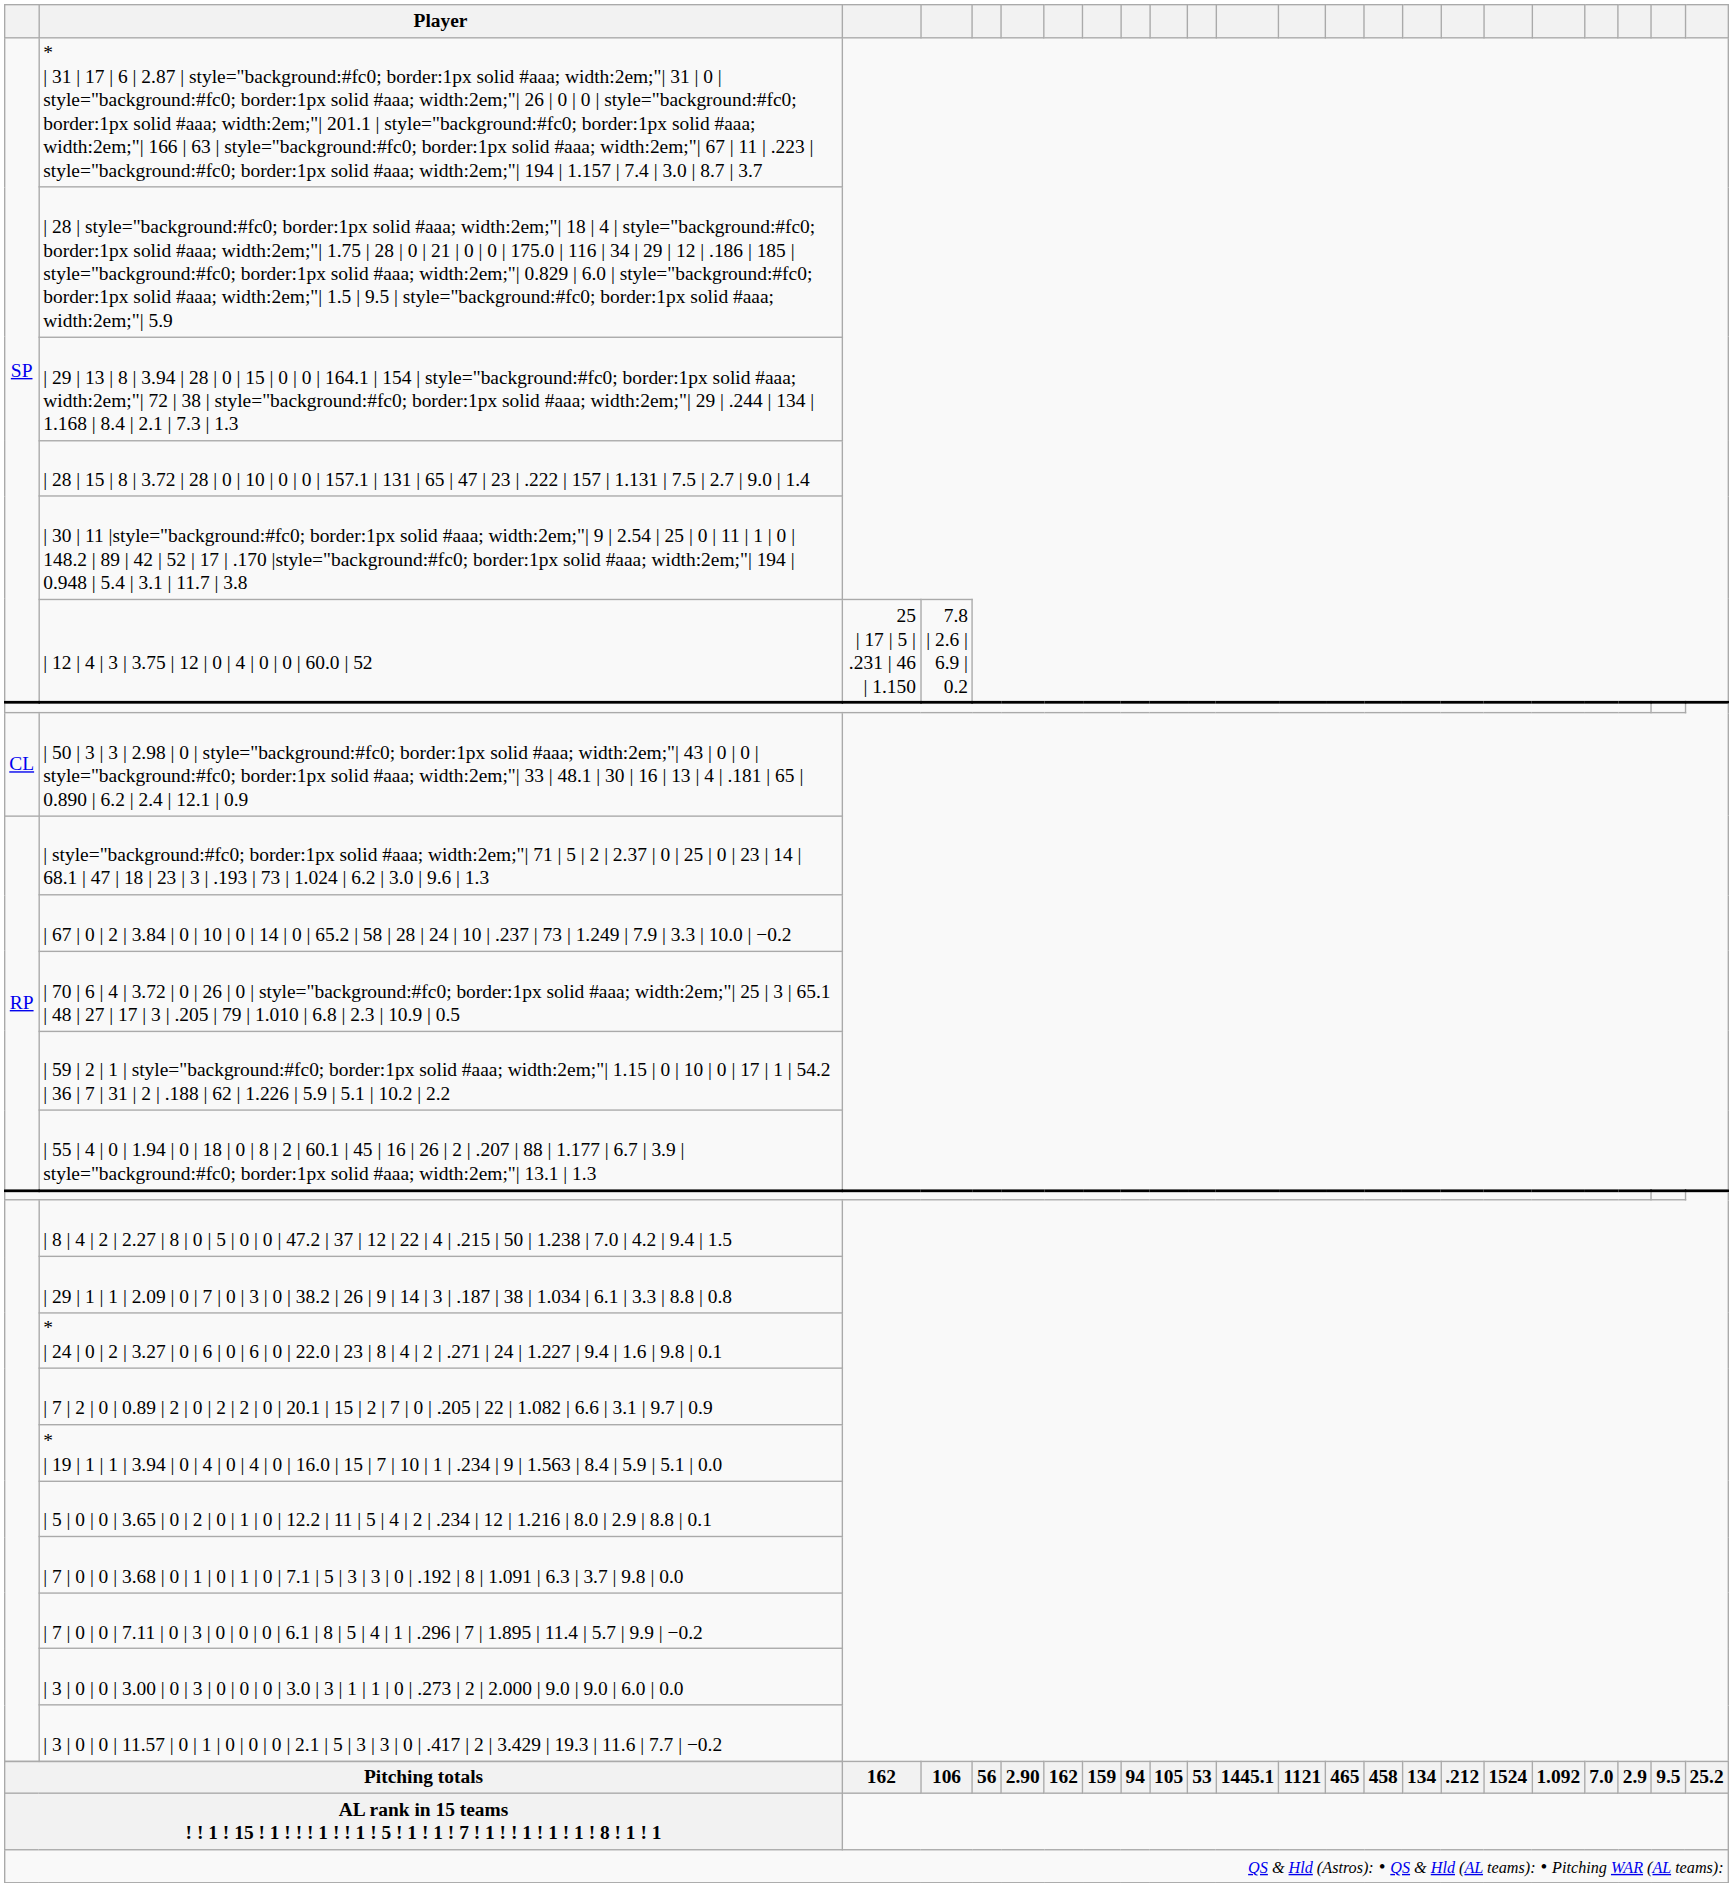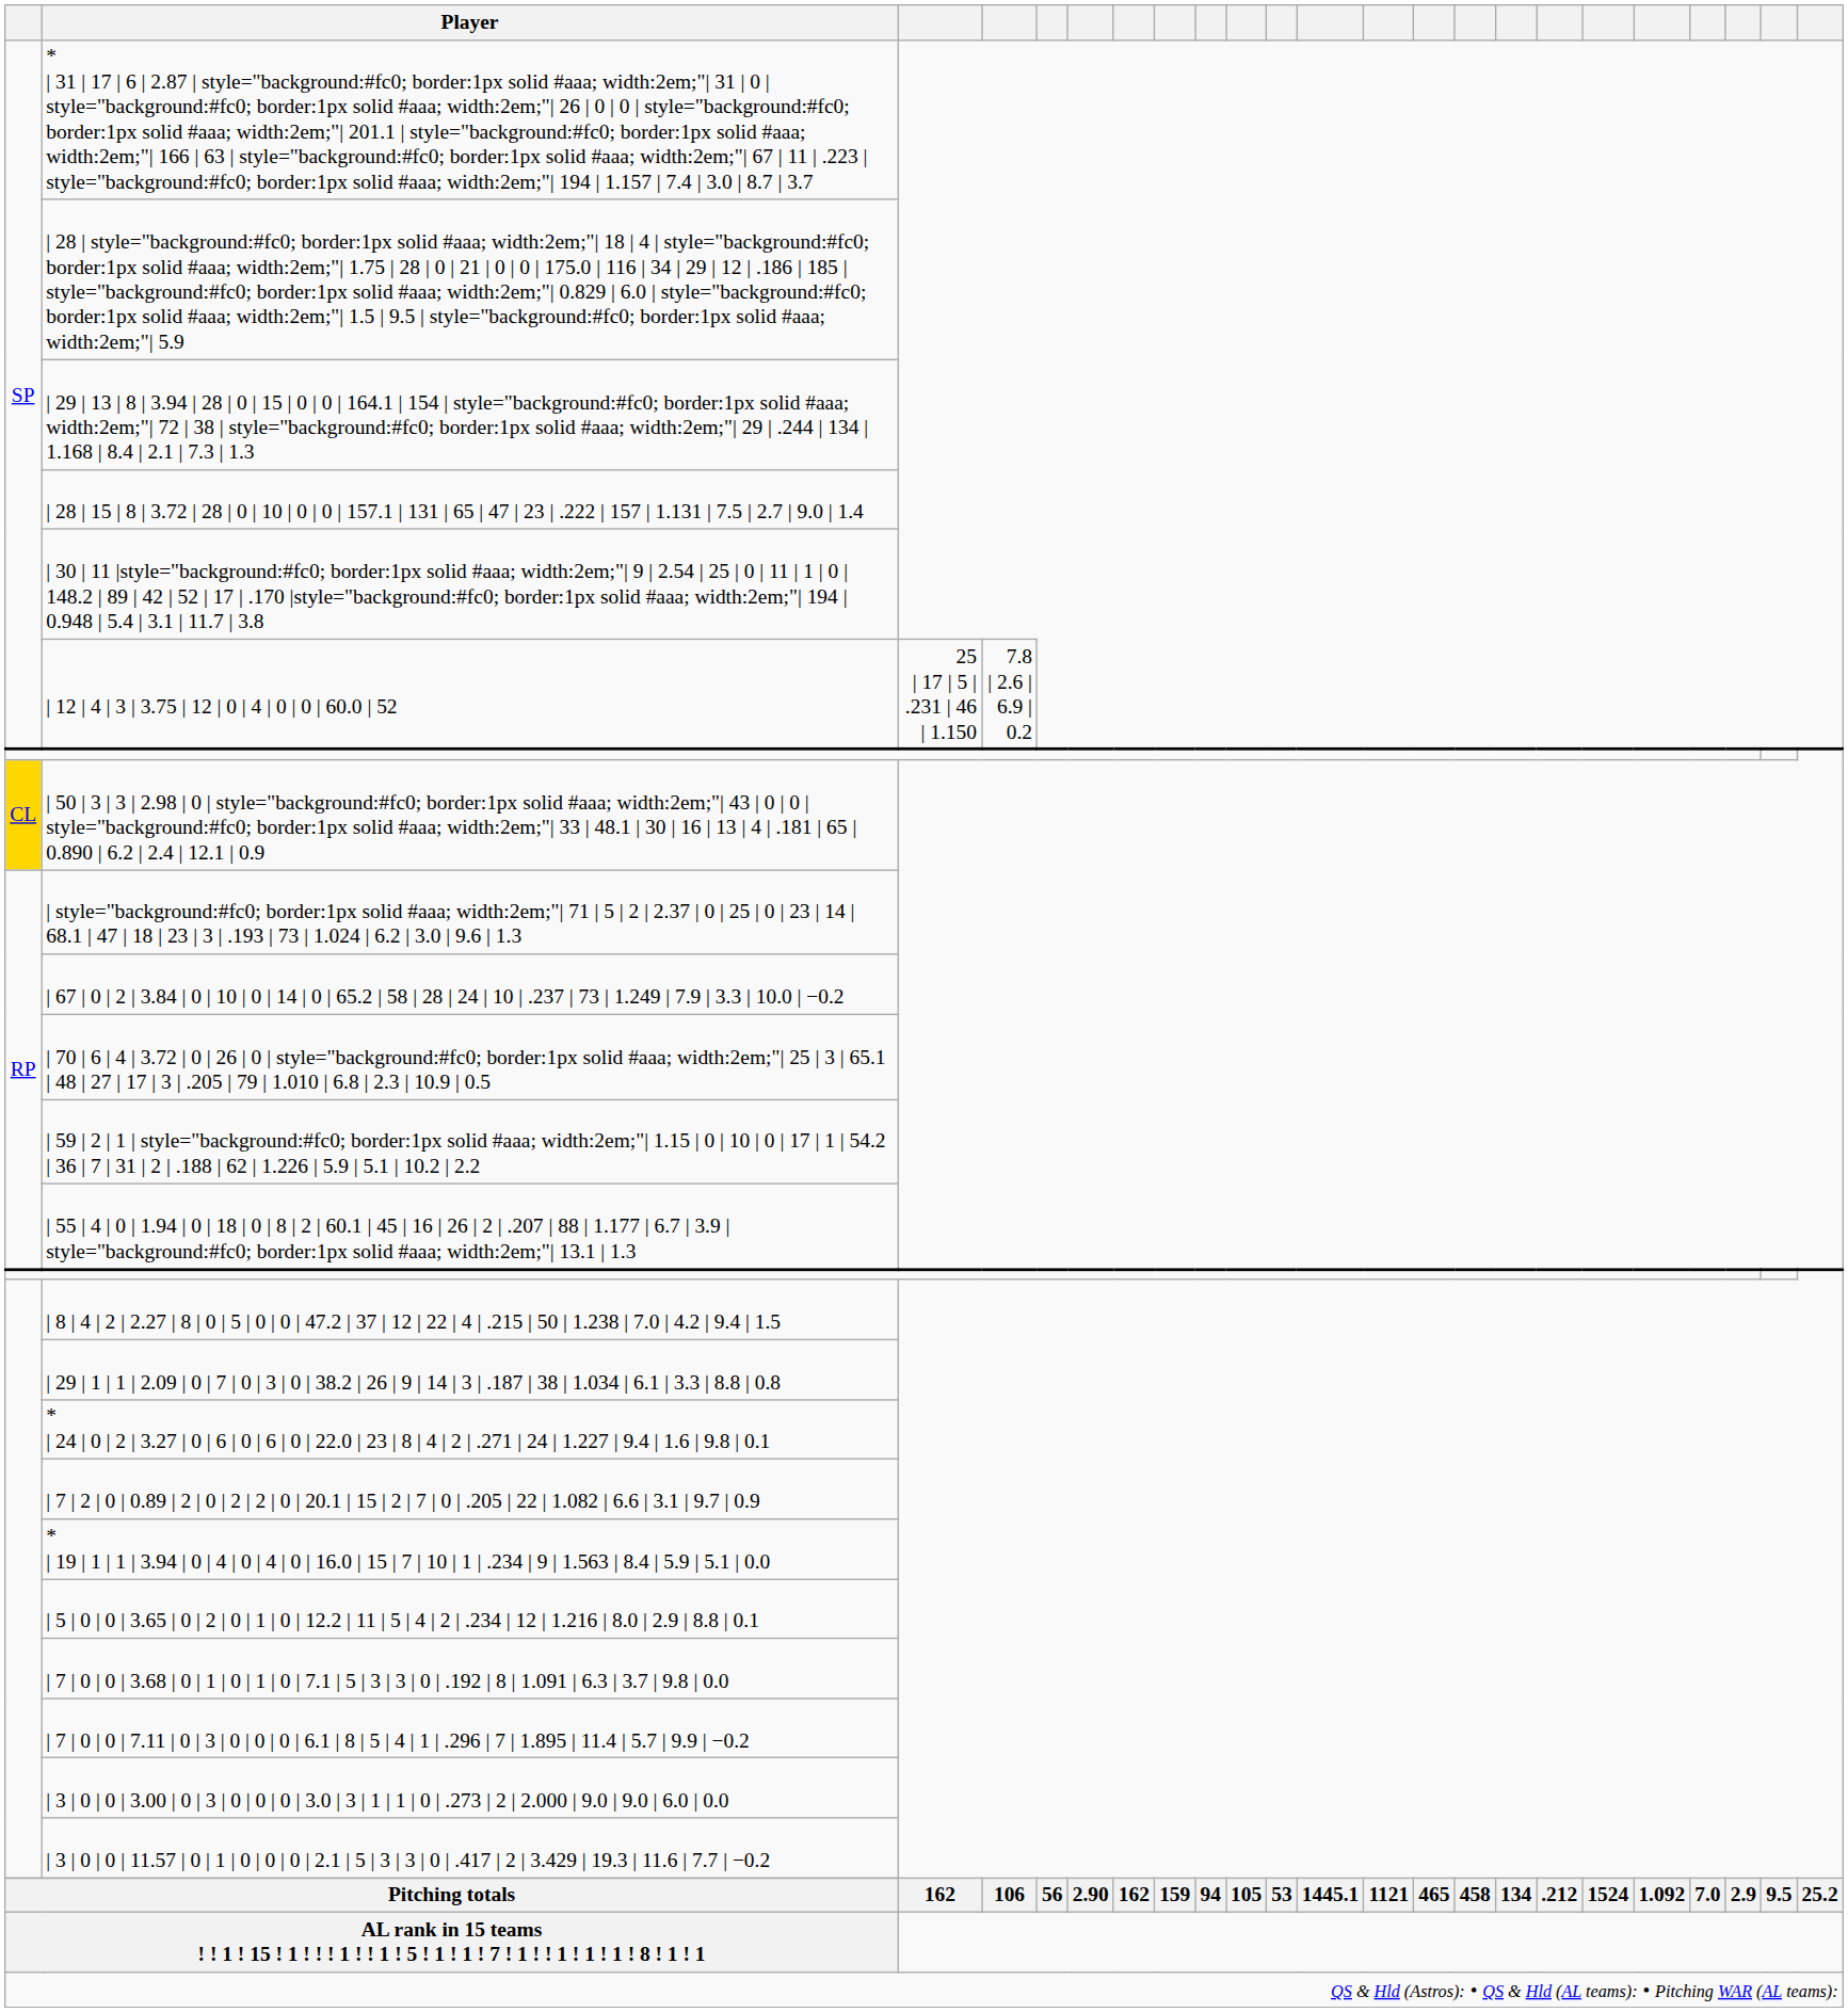 <table class="wikitable sortable" style="text-align:right; font-size:88%;">
 <tr>
 <th></th>
 <th>Player</th>
 <th></th>
 <th></th>
 <th></th>
 <th></th>
 <th></th>
 <th></th>
 <th></th>
 <th></th>
 <th></th>
 <th></th>
 <th></th>
 <th></th>
 <th></th>
 <th></th>
 <th></th>
 <th></th>
 <th></th>
 <th></th>
 <th></th>
 <th></th>
 <th><br></th>
 </tr>
 <tr>
 <td rowspan="6" align=center><a href='#'>SP</a></td>
 <td align=left> *<br>                      | 31                            | 17                            | 6                 | 2.87                       | style="background:#fc0; border:1px solid #aaa; width:2em;"| 31                      | 0                       | style="background:#fc0; border:1px solid #aaa; width:2em;"| 26                               | 0                               | 0                      | style="background:#fc0; border:1px solid #aaa; width:2em;"| 201.1                         | style="background:#fc0; border:1px solid #aaa; width:2em;"| 166                  | 63               | style="background:#fc0; border:1px solid #aaa; width:2em;"| 67                    | 11          | .223                           | style="background:#fc0; border:1px solid #aaa; width:2em;"| 194   | 1.157               | 7.4    | 3.0          | 8.7              | 3.7</td>
 </tr>
 <tr>
 <td align=left><br>                      | 28                             | style="background:#fc0; border:1px solid #aaa; width:2em;"| 18                             | 4                 | style="background:#fc0; border:1px solid #aaa; width:2em;"| 1.75                       | 28                      | 0                       | 21                               | 0                               | 0                      | 175.0                          | 116                  | 34               | 29                    | 12          | .186                           | 185   | style="background:#fc0; border:1px solid #aaa; width:2em;"| 0.829               | 6.0   | style="background:#fc0; border:1px solid #aaa; width:2em;"| 1.5        | 9.5              | style="background:#fc0; border:1px solid #aaa; width:2em;"| 5.9</td>
 </tr>
 <tr>
 <td align=left><br>                      | 29                             | 13                             | 8                  | 3.94                        | 28                       | 0                       | 15                                | 0                                | 0                     | 164.1                          | 154                 | style="background:#fc0; border:1px solid #aaa; width:2em;"| 72              | 38                     | style="background:#fc0; border:1px solid #aaa; width:2em;"| 29          | .244                           | 134   | 1.168               | 8.4    | 2.1          | 7.3              | 1.3</td>
 </tr>
 <tr>
 <td align=left><br>                      | 28                             | 15                            | 8                 | 3.72                       | 28                      | 0                       | 10                               | 0                               | 0                     | 157.1                         | 131                 | 65              | 47                    | 23         | .222                          | 157  | 1.131              | 7.5   | 2.7        | 9.0                | 1.4</td>
 </tr>
 <tr>
 <td align=left><br>                      | 30                            | 11                            |style="background:#fc0; border:1px solid #aaa; width:2em;"| 9                 | 2.54                       | 25                      | 0                       | 11                               | 1                               | 0                     | 148.2                         | 89                 | 42              | 52                    | 17         | .170                          |style="background:#fc0; border:1px solid #aaa; width:2em;"| 194   | 0.948              | 5.4   | 3.1        | 11.7                | 3.8</td>
 </tr>
 <tr style="border-bottom:2px solid black">
 <td align=left><br>                      | 12                            | 4                            | 3                 | 3.75                       | 12                      | 0                       | 4                               | 0                               | 0                     | 60.0                         | 52</td>
 <td>25<br>             | 17              | 5         | .231                          | 46  | 1.150</td>
 <td>7.8<br>  | 2.6        | 6.9                | 0.2</td>
 </tr>
 <tr>
 <td colspan="21"></td>
 <td></td>
 </tr>
 <tr>
-<td align=center><a href='#'>CL</a></td>
+<td align=center style="background: gold;"><a href='#'>CL</a></td>
 <td align=left><br>                      | 50                            | 3                            | 3                 | 2.98                       | 0                      | style="background:#fc0; border:1px solid #aaa; width:2em;"| 43                       | 0                               | 0                               | style="background:#fc0; border:1px solid #aaa; width:2em;"| 33                     | 48.1                          | 30                  | 16              | 13                   | 4          | .181                          | 65   | 0.890               | 6.2   | 2.4        | 12.1              | 0.9</td>
 </tr>
 <tr>
 <td rowspan="5" align=center><a href='#'>RP</a></td>
 <td align=left><br>                      | style="background:#fc0; border:1px solid #aaa; width:2em;"| 71                             | 5                             | 2                  | 2.37                       | 0                      | 25                        | 0                               | 23                                | 14                     | 68.1                         | 47                 | 18              | 23                   | 3         | .193                          | 73  | 1.024              | 6.2   | 3.0        | 9.6                | 1.3</td>
 </tr>
 <tr>
 <td align=left><br>                      | 67                             | 0                            | 2                  | 3.84                        | 0                      | 10                       | 0                                | 14                               | 0                     | 65.2                         | 58                 | 28              | 24                   | 10         | .237                          | 73  | 1.249               | 7.9   | 3.3        | 10.0                | −0.2</td>
 </tr>
 <tr>
 <td align=left><br>                      | 70                            | 6                            | 4                  | 3.72                       | 0                      | 26                       | 0                                | style="background:#fc0; border:1px solid #aaa; width:2em;"| 25                               | 3                       | 65.1                          | 48                 | 27               | 17                   | 3         | .205                          | 79  | 1.010              | 6.8   | 2.3        | 10.9                | 0.5</td>
 </tr>
 <tr>
 <td align=left><br>                      | 59                            | 2                            | 1                  | style="background:#fc0; border:1px solid #aaa; width:2em;"| 1.15                       | 0                      | 10                       | 0                                | 17                               | 1                     | 54.2                          | 36                 | 7               | 31                   | 2         | .188                          | 62  | 1.226              | 5.9   | 5.1        | 10.2                | 2.2</td>
 </tr>
 <tr style="border-bottom:2px solid black">
 <td align=left><br>                      | 55                            | 4                            | 0                  | 1.94                        | 0                      | 18                       | 0                                | 8                                | 2                     | 60.1                          | 45                 | 16              | 26                   | 2         | .207                          | 88  | 1.177               | 6.7   | 3.9        | style="background:#fc0; border:1px solid #aaa; width:2em;"| 13.1              | 1.3</td>
 </tr>
 <tr>
 <td colspan="21"></td>
 <td></td>
 </tr>
 <tr>
 <td rowspan="10" align=center></td>
 <td align=left><br>                      | 8                            | 4                            | 2                 | 2.27                       | 8                      | 0                       | 5                               | 0                               | 0                     | 47.2                         | 37                 | 12              | 22                    | 4         | .215                          | 50  | 1.238              | 7.0   | 4.2        | 9.4                | 1.5</td>
 </tr>
 <tr>
 <td align=left><br>                      | 29                            | 1                            | 1                  | 2.09                        | 0                       | 7                       | 0                                | 3                                | 0                      | 38.2                          | 26                  | 9               | 14                    | 3          | .187                           | 38   | 1.034               | 6.1   | 3.3         | 8.8              | 0.8</td>
 </tr>
 <tr>
 <td align=left> *<br>                      | 24                            | 0                            | 2                  | 3.27                        | 0                       | 6                       | 0                                | 6                                | 0                      | 22.0                          | 23                  | 8               | 4                    | 2          | .271                           | 24   | 1.227               | 9.4    | 1.6         | 9.8              | 0.1</td>
 </tr>
 <tr>
 <td align=left><br>                      | 7                            | 2                            | 0                  | 0.89                        | 2                       | 0                       | 2                                | 2                                | 0                      | 20.1                          | 15                  | 2               | 7                    | 0          | .205                           | 22   | 1.082               | 6.6    | 3.1         | 9.7              | 0.9</td>
 </tr>
 <tr>
 <td align=left> *<br>                      | 19                            | 1                            | 1                 | 3.94                       | 0                      | 4                       | 0                                | 4                               | 0                     | 16.0                         | 15                 | 7              | 10                   | 1          | .234                          | 9  | 1.563               | 8.4   | 5.9        | 5.1              | 0.0</td>
 </tr>
 <tr>
 <td align=left><br>                      | 5                             | 0                            | 0                 | 3.65                       | 0                      | 2                       | 0                                | 1                               | 0                     | 12.2                         | 11                 | 5              | 4                   | 2         | .234                          | 12  | 1.216              | 8.0   | 2.9        | 8.8              | 0.1</td>
 </tr>
 <tr>
 <td align=left><br>                      | 7                            | 0                            | 0                  | 3.68                        | 0                      | 1                       | 0                                | 1                               | 0                     | 7.1                         | 5                 | 3              | 3                   | 0         | .192                          | 8  | 1.091              | 6.3   | 3.7        | 9.8              | 0.0</td>
 </tr>
 <tr>
 <td align=left><br>                      | 7                            | 0                            | 0                  | 7.11                        | 0                       | 3                       | 0                                | 0                                | 0                      | 6.1                          | 8                  | 5               | 4                    | 1          | .296                           | 7   | 1.895               | 11.4    | 5.7         | 9.9              | −0.2</td>
 </tr>
 <tr>
 <td align=left><br>                      | 3                            | 0                            | 0                  | 3.00                        | 0                       | 3                       | 0                                | 0                                | 0                      | 3.0                          | 3                  | 1               | 1                    | 0          | .273                           | 2   | 2.000               | 9.0    | 9.0         | 6.0              | 0.0</td>
 </tr>
 <tr>
 <td align=left><br>                      | 3                            | 0                            | 0                  | 11.57                        | 0                       | 1                       | 0                                | 0                                | 0                      | 2.1                          | 5                  | 3               | 3                    | 0          | .417                           | 2   | 3.429               | 19.3    | 11.6         | 7.7              | −0.2</td>
 </tr>
 <tr>
 </tr>
 <tr class="sortbottom">
 <th colspan="2">Pitching totals</th>
 <th>162</th>
 <th>106</th>
 <th>56</th>
 <th>2.90</th>
 <th>162</th>
 <th>159</th>
 <th>94</th>
 <th>105</th>
 <th>53</th>
 <th>1445.1</th>
 <th>1121</th>
 <th>465</th>
 <th>458</th>
 <th>134</th>
 <th>.212</th>
 <th>1524</th>
 <th>1.092</th>
 <th>7.0</th>
 <th>2.9</th>
 <th>9.5</th>
 <th>25.2</th>
 </tr>
 <tr class="sortbottom">
 <th colspan="2;">AL rank in 15 teams<br>                         !                                  ! 1                                  ! 15                       ! 1                             !                          !                             ! 1                                     !                                      ! 1                           ! 5                              ! 1                      ! 1                   ! 7                         ! 1               !                                 ! 1        ! 1                    ! 1         ! 8               ! 1                     ! 1</th>
 </tr>
 <tr class="sortbottom">
 <td colspan="23;" align="right"><small><em><a href='#'>QS</a> & <a href='#'>Hld</a> (Astros):</em></small> • <small><em><a href='#'>QS</a> & <a href='#'>Hld</a> (<a href='#'>AL</a> teams):</em></small> • <small><em>Pitching <a href='#'>WAR</a> (<a href='#'>AL</a> teams):</em></small></td>
 </tr>
 <tr>
 </tr>
 <tr>
 </tr>
 </table>
